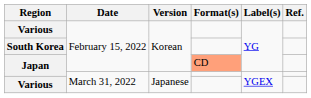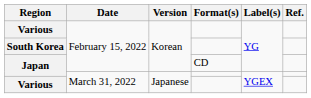 <table class="wikitable plainrowheaders">
 <tr>
 <th scope="col">Region</th>
 <th scope="col">Date</th>
 <th scope="col">Version</th>
 <th scope="col">Format(s)</th>
 <th scope="col">Label(s)</th>
 <th scope="col">Ref.</th>
 </tr>
 <tr>
 <th scope="row">Various</th>
 <td rowspan="3">February 15, 2022</td>
 <td rowspan="3">Korean</td>
 <td></td>
 <td rowspan="3"><a href='#'>YG</a></td>
 <td align="center"></td>
 </tr>
 <tr>
 <th scope="row">South Korea</th>
 <td></td>
 <td align="center"></td>
 </tr>
 <tr>
 <th rowspan="2" scope="row">Japan</th>
-<td style="background: lightsalmon;">CD</td>
+<td>CD</td>
 <td align="center"></td>
 </tr>
 <tr>
 <td rowspan="2">March 31, 2022</td>
 <td rowspan="2">Japanese</td>
 <td></td>
 <td rowspan="2"><a href='#'>YGEX</a></td>
 <td align="center"></td>
 </tr>
 <tr>
 <th scope="row">Various</th>
 <td></td>
 <td align="center"></td>
 </tr>
 </table>
